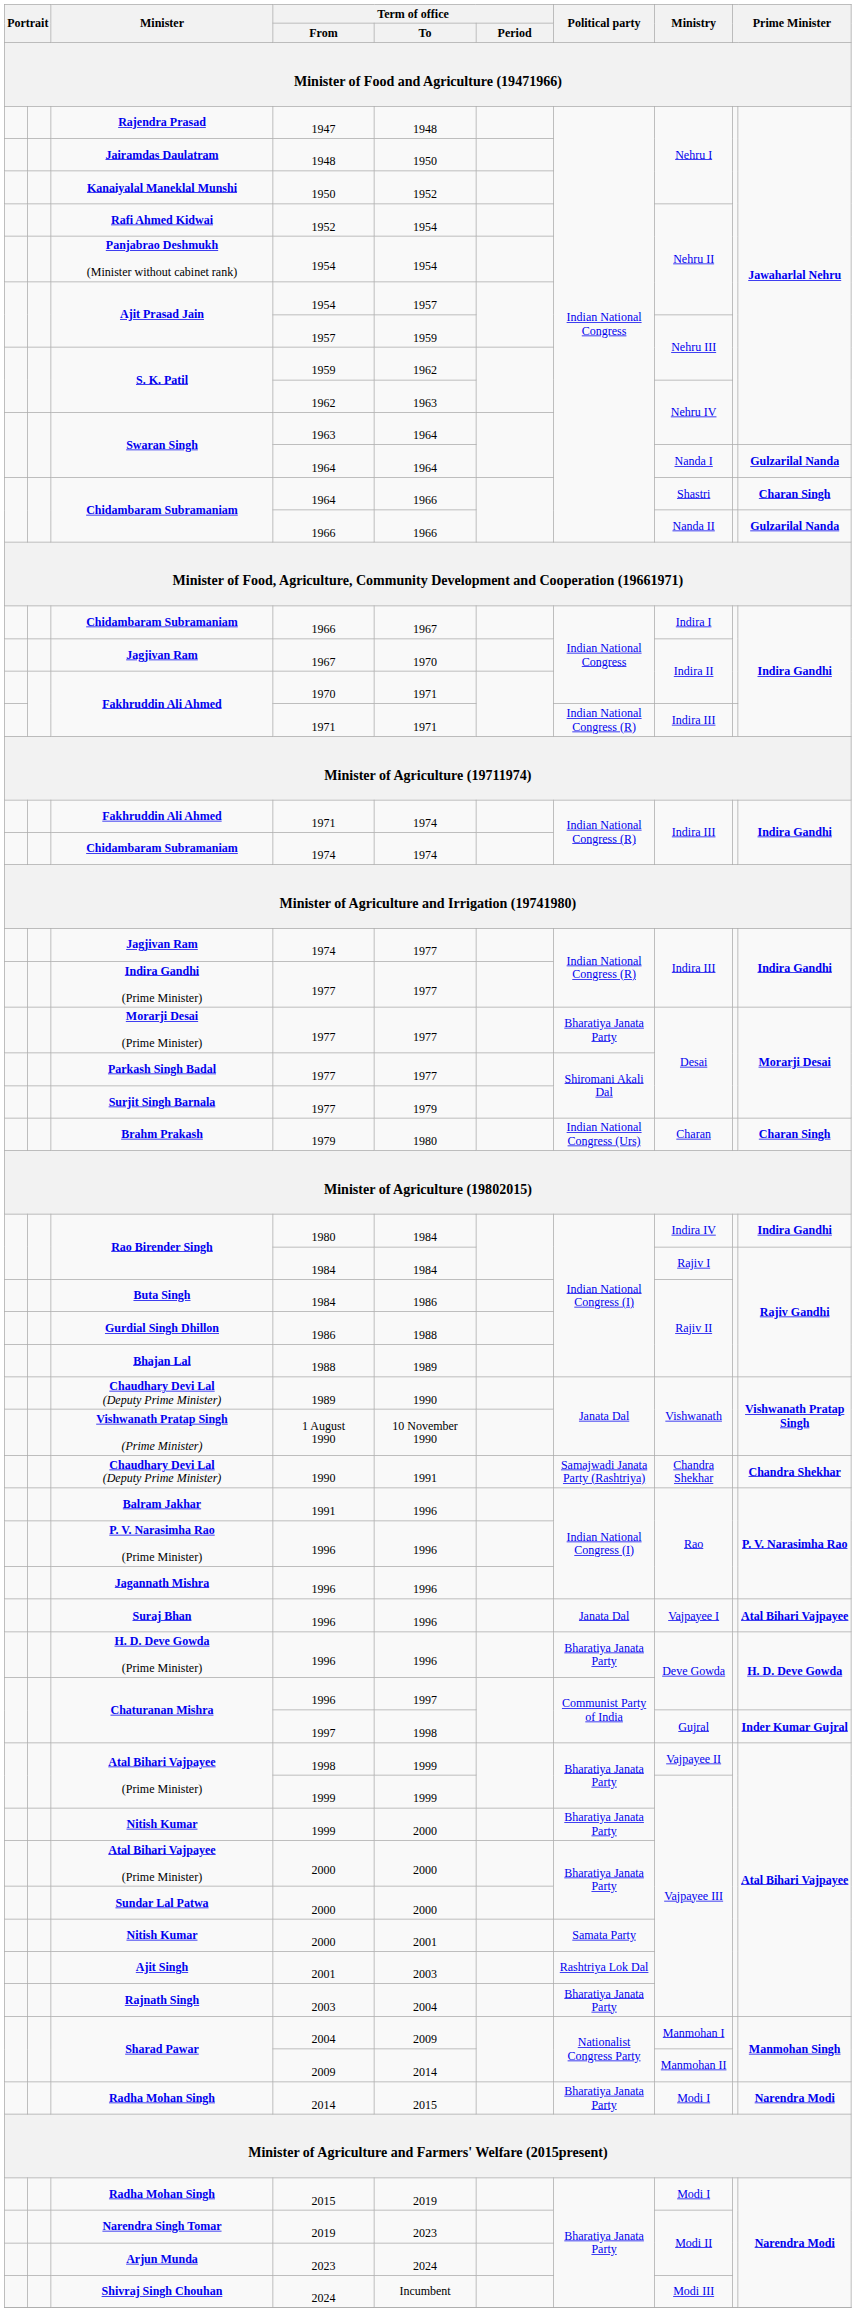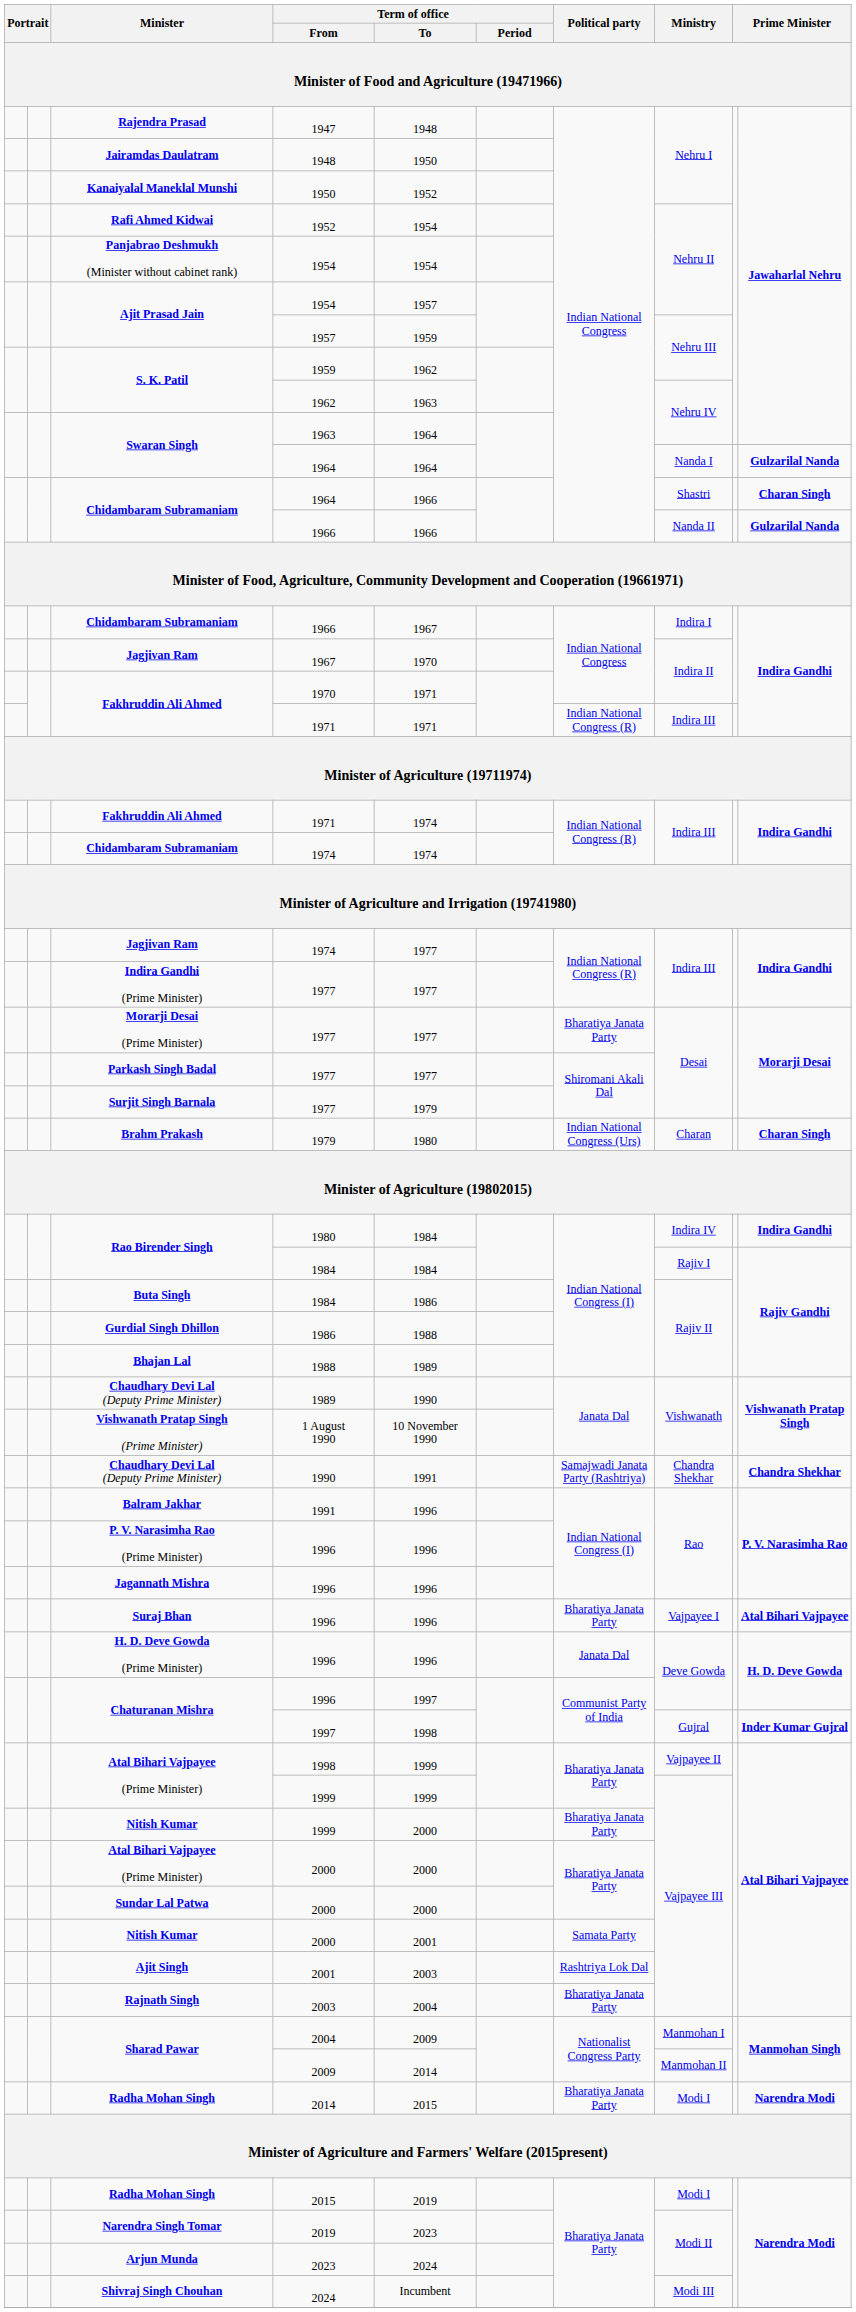 <table class="wikitable" style="text-align:center">
 <tr>
 <th rowspan="2" colspan="2">Portrait</th>
 <th rowspan="2" style="width:18em">Minister<br></th>
 <th colspan="3">Term of office</th>
 <th rowspan="2" style="width:8em">Political party</th>
 <th rowspan="2" style="width:6em">Ministry</th>
 <th rowspan="2" colspan="2">Prime Minister</th>
 </tr>
 <tr>
 <th style="width:8em">From</th>
 <th style="width:8em">To</th>
 <th style="width:6em">Period</th>
 </tr>
 <tr>
 <th colspan="10"><br><h3>Minister of Food and Agriculture (19471966)</h3></th>
 </tr>
 <tr>
 <td></td>
 <td></td>
 <td><strong><a href='#'>Rajendra Prasad</a></strong><br></td>
 <td><br>1947</td>
 <td><br>1948</td>
 <td><strong></strong></td>
 <td rowspan="13"><a href='#'>Indian National Congress</a></td>
 <td rowspan="3"><a href='#'>Nehru I</a></td>
 <td rowspan="10"></td>
 <td rowspan="10"><strong><a href='#'>Jawaharlal Nehru</a></strong></td>
 </tr>
 <tr>
 <td></td>
 <td></td>
 <td><strong><a href='#'>Jairamdas Daulatram</a></strong><br></td>
 <td><br>1948</td>
 <td><br>1950</td>
 <td><strong></strong></td>
 </tr>
 <tr>
 <td></td>
 <td></td>
 <td><strong><a href='#'>Kanaiyalal Maneklal Munshi</a></strong><br></td>
 <td><br>1950</td>
 <td><br>1952</td>
 <td><strong></strong></td>
 </tr>
 <tr>
 <td></td>
 <td></td>
 <td><strong><a href='#'>Rafi Ahmed Kidwai</a></strong><br></td>
 <td><br>1952</td>
 <td><br>1954<br></td>
 <td><strong></strong></td>
 <td rowspan="3"><a href='#'>Nehru II</a></td>
 </tr>
 <tr>
 <td></td>
 <td></td>
 <td><strong><a href='#'>Panjabrao Deshmukh</a></strong><br><br>(Minister without cabinet rank)</td>
 <td><br>1954</td>
 <td><br>1954</td>
 <td><strong></strong></td>
 </tr>
 <tr>
 <td rowspan="2"></td>
 <td rowspan="2"></td>
 <td rowspan="2"><strong><a href='#'>Ajit Prasad Jain</a></strong><br></td>
 <td><br>1954</td>
 <td><br>1957</td>
 <td rowspan="2"><strong></strong></td>
 </tr>
 <tr>
 <td><br>1957</td>
 <td><br>1959</td>
 <td rowspan="2"><a href='#'>Nehru III</a></td>
 </tr>
 <tr>
 <td rowspan="2"></td>
 <td rowspan="2"></td>
 <td rowspan="2"><strong><a href='#'>S. K. Patil</a></strong><br></td>
 <td><br>1959</td>
 <td><br>1962</td>
 <td rowspan="2"><strong></strong></td>
 </tr>
 <tr>
 <td><br>1962</td>
 <td><br>1963</td>
 <td rowspan="2"><a href='#'>Nehru IV</a></td>
 </tr>
 <tr>
 <td rowspan="2"></td>
 <td rowspan="2"></td>
 <td rowspan="2"><strong><a href='#'>Swaran Singh</a></strong><br></td>
 <td><br>1963</td>
 <td><br>1964</td>
 <td rowspan="2"><strong></strong></td>
 </tr>
 <tr>
 <td><br>1964</td>
 <td><br>1964</td>
 <td><a href='#'>Nanda I</a></td>
 <td></td>
 <td><strong><a href='#'>Gulzarilal Nanda</a></strong></td>
 </tr>
 <tr>
 <td rowspan="2"></td>
 <td rowspan="2"></td>
 <td rowspan="2"><strong><a href='#'>Chidambaram Subramaniam</a></strong><br></td>
 <td><br>1964</td>
 <td><br>1966</td>
 <td rowspan="2"><strong></strong></td>
 <td><a href='#'>Shastri</a></td>
 <td></td>
 <td><strong><a href='#'>Charan Singh</a></strong></td>
 </tr>
 <tr>
 <td><br>1966</td>
 <td><br>1966</td>
 <td><a href='#'>Nanda II</a></td>
 <td></td>
 <td><strong><a href='#'>Gulzarilal Nanda</a></strong></td>
 </tr>
 <tr>
 <th colspan="10"><br><h3>Minister of Food, Agriculture, Community Development and Cooperation (19661971)</h3></th>
 </tr>
 <tr>
 <td></td>
 <td></td>
 <td><strong><a href='#'>Chidambaram Subramaniam</a></strong><br></td>
 <td><br>1966</td>
 <td><br>1967</td>
 <td><strong></strong></td>
 <td rowspan="3"><a href='#'>Indian National Congress</a></td>
 <td><a href='#'>Indira I</a></td>
 <td rowspan="3"></td>
 <td rowspan="4"><strong><a href='#'>Indira Gandhi</a></strong></td>
 </tr>
 <tr>
 <td></td>
 <td></td>
 <td><strong><a href='#'>Jagjivan Ram</a></strong><br></td>
 <td><br>1967</td>
 <td><br>1970</td>
 <td><strong></strong></td>
 <td rowspan="2"><a href='#'>Indira II</a></td>
 </tr>
 <tr>
 <td></td>
 <td rowspan="2"></td>
 <td rowspan="2"><strong><a href='#'>Fakhruddin Ali Ahmed</a></strong><br></td>
 <td><br>1970</td>
 <td><br>1971</td>
 <td rowspan="2"><strong></strong></td>
 </tr>
 <tr>
 <td></td>
 <td><br>1971</td>
 <td><br>1971</td>
 <td><a href='#'>Indian National Congress (R)</a></td>
 <td><a href='#'>Indira III</a></td>
 <td></td>
 </tr>
 <tr>
 <th colspan="10"><br><h3>Minister of Agriculture (19711974)</h3></th>
 </tr>
 <tr>
 <td></td>
 <td></td>
 <td><strong><a href='#'>Fakhruddin Ali Ahmed</a></strong><br></td>
 <td><br>1971</td>
 <td><br>1974</td>
 <td><strong></strong></td>
 <td rowspan="2"><a href='#'>Indian National Congress (R)</a></td>
 <td rowspan="2"><a href='#'>Indira III</a></td>
 <td rowspan="2"></td>
 <td rowspan="2"><strong><a href='#'>Indira Gandhi</a></strong></td>
 </tr>
 <tr>
 <td></td>
 <td></td>
 <td><strong><a href='#'>Chidambaram Subramaniam</a></strong><br></td>
 <td><br>1974</td>
 <td><br>1974</td>
 <td><strong></strong></td>
 </tr>
 <tr>
 <th colspan="10"><br><h3>Minister of Agriculture and Irrigation (19741980)</h3></th>
 </tr>
 <tr>
 <td></td>
 <td></td>
 <td><strong><a href='#'>Jagjivan Ram</a></strong><br></td>
 <td><br>1974</td>
 <td><br>1977</td>
 <td><strong></strong></td>
 <td rowspan="2"><a href='#'>Indian National Congress (R)</a></td>
 <td rowspan="2"><a href='#'>Indira III</a></td>
 <td rowspan="2"></td>
 <td rowspan="2" style="width:9em"><strong><a href='#'>Indira Gandhi</a></strong></td>
 </tr>
 <tr>
 <td></td>
 <td></td>
 <td><strong><a href='#'>Indira Gandhi</a></strong><br><br>(Prime Minister)</td>
 <td><br>1977</td>
 <td><br>1977</td>
 <td><strong></strong></td>
 </tr>
 <tr>
 <td></td>
 <td></td>
 <td><strong><a href='#'>Morarji Desai</a></strong><br><br>(Prime Minister)</td>
 <td><br>1977</td>
 <td><br>1977</td>
 <td><strong></strong></td>
 <td><a href='#'>Bharatiya Janata Party</a></td>
 <td rowspan="3"><a href='#'>Desai</a></td>
 <td rowspan="3"></td>
 <td rowspan="3"><strong><a href='#'>Morarji Desai</a></strong></td>
 </tr>
 <tr>
 <td></td>
 <td></td>
 <td><strong><a href='#'>Parkash Singh Badal</a></strong><br></td>
 <td><br>1977</td>
 <td><br>1977</td>
 <td><strong></strong></td>
 <td rowspan="2"><a href='#'>Shiromani Akali Dal</a></td>
 </tr>
 <tr>
 <td></td>
 <td></td>
 <td><strong><a href='#'>Surjit Singh Barnala</a></strong><br></td>
 <td><br>1977</td>
 <td><br>1979</td>
 <td><strong></strong></td>
 </tr>
 <tr>
 <td></td>
 <td></td>
 <td><strong><a href='#'>Brahm Prakash</a></strong><br></td>
 <td><br>1979</td>
 <td><br>1980</td>
 <td><strong></strong></td>
 <td><a href='#'>Indian National Congress (Urs)</a></td>
 <td><a href='#'>Charan</a></td>
 <td></td>
 <td><strong><a href='#'>Charan Singh</a></strong></td>
 </tr>
 <tr>
 <th colspan="10"><br><h3>Minister of Agriculture (19802015)</h3></th>
 </tr>
 <tr>
 <td rowspan="2"></td>
 <td rowspan="2"></td>
 <td rowspan="2"><strong><a href='#'>Rao Birender Singh</a></strong><br></td>
 <td><br>1980</td>
 <td><br>1984</td>
 <td rowspan="2"><strong></strong></td>
 <td rowspan="5"><a href='#'>Indian National Congress (I)</a></td>
 <td><a href='#'>Indira IV</a></td>
 <td></td>
 <td><strong><a href='#'>Indira Gandhi</a></strong></td>
 </tr>
 <tr>
 <td><br>1984</td>
 <td><br>1984</td>
 <td><a href='#'>Rajiv I</a></td>
 <td rowspan="4"></td>
 <td rowspan="4"><strong><a href='#'>Rajiv Gandhi</a></strong></td>
 </tr>
 <tr>
 <td></td>
 <td></td>
 <td><strong><a href='#'>Buta Singh</a></strong><br></td>
 <td><br>1984</td>
 <td><br>1986</td>
 <td><strong></strong></td>
 <td rowspan="3"><a href='#'>Rajiv II</a></td>
 </tr>
 <tr>
 <td></td>
 <td></td>
 <td><strong><a href='#'>Gurdial Singh Dhillon</a></strong><br></td>
 <td><br>1986</td>
 <td><br>1988</td>
 <td><strong></strong></td>
 </tr>
 <tr>
 <td></td>
 <td></td>
 <td><strong><a href='#'>Bhajan Lal</a></strong><br></td>
 <td><br>1988</td>
 <td><br>1989</td>
 <td><strong></strong></td>
 </tr>
 <tr>
 <td style="background:"></td>
 <td></td>
 <td><strong><a href='#'>Chaudhary Devi Lal</a></strong><br><em>(Deputy Prime Minister)</em></td>
 <td><br>1989</td>
 <td><br>1990</td>
 <td><strong></strong></td>
 <td rowspan="2"><a href='#'>Janata Dal</a></td>
 <td rowspan="2"><a href='#'>Vishwanath</a></td>
 <td rowspan="2" style="background:"></td>
 <td rowspan="2"><strong><a href='#'>Vishwanath Pratap Singh</a></strong></td>
 </tr>
 <tr>
 <td style="background:"></td>
 <td></td>
 <td><strong><a href='#'>Vishwanath Pratap Singh</a></strong><br><br><em>(Prime Minister)</em></td>
 <td>1 August<br>1990</td>
 <td>10 November<br>1990</td>
 <td><strong></strong></td>
 </tr>
 <tr>
 <td></td>
 <td></td>
 <td><strong><a href='#'>Chaudhary Devi Lal</a></strong><br><em>(Deputy Prime Minister)</em></td>
 <td><br>1990</td>
 <td><br>1991</td>
 <td><strong></strong></td>
 <td><a href='#'>Samajwadi Janata Party (Rashtriya)</a></td>
 <td><a href='#'>Chandra Shekhar</a></td>
 <td></td>
 <td><strong><a href='#'>Chandra Shekhar</a></strong></td>
 </tr>
 <tr>
 <td></td>
 <td></td>
 <td><strong><a href='#'>Balram Jakhar</a></strong><br></td>
 <td><br>1991</td>
 <td><br>1996</td>
 <td><strong></strong></td>
 <td rowspan="3"><a href='#'>Indian National Congress (I)</a></td>
 <td rowspan="3"><a href='#'>Rao</a></td>
 <td rowspan="3"></td>
 <td rowspan="3"><strong><a href='#'>P. V. Narasimha Rao</a></strong></td>
 </tr>
 <tr>
 <td></td>
 <td></td>
 <td><strong><a href='#'>P. V. Narasimha Rao</a></strong><br><br>(Prime Minister)</td>
 <td><br>1996</td>
 <td><br>1996</td>
 <td><strong></strong></td>
 </tr>
 <tr>
 <td></td>
 <td></td>
 <td><strong><a href='#'>Jagannath Mishra</a></strong><br></td>
 <td><br>1996</td>
 <td><br>1996</td>
 <td><strong></strong></td>
 </tr>
 <tr>
 <td></td>
 <td></td>
 <td><strong><a href='#'>Suraj Bhan</a></strong><br></td>
 <td><br>1996</td>
 <td><br>1996</td>
 <td><strong></strong></td>
-<td><a href='#'>Janata Dal</a></td>
+<td><a href='#'>Bharatiya Janata Party</a></td>
 <td><a href='#'>Vajpayee I</a></td>
 <td></td>
 <td><strong><a href='#'>Atal Bihari Vajpayee</a></strong></td>
 </tr>
 <tr>
 <td style="background:"></td>
 <td></td>
 <td><strong><a href='#'>H. D. Deve Gowda</a></strong><br><br>(Prime Minister)</td>
 <td><br>1996</td>
 <td><br>1996</td>
 <td><strong></strong></td>
-<td><a href='#'>Bharatiya Janata Party</a></td>
+<td><a href='#'>Janata Dal</a></td>
 <td rowspan="2"><a href='#'>Deve Gowda</a></td>
 <td rowspan="2"></td>
 <td rowspan="2"><strong><a href='#'>H. D. Deve Gowda</a></strong></td>
 </tr>
 <tr>
 <td rowspan="2"></td>
 <td rowspan="2"></td>
 <td rowspan="2"><strong><a href='#'>Chaturanan Mishra</a></strong><br></td>
 <td><br>1996</td>
 <td><br>1997</td>
 <td rowspan="2"><strong></strong></td>
 <td rowspan="2"><a href='#'>Communist Party of India</a></td>
 </tr>
 <tr>
 <td><br>1997</td>
 <td><br>1998</td>
 <td><a href='#'>Gujral</a></td>
 <td></td>
 <td><strong><a href='#'>Inder Kumar Gujral</a></strong></td>
 </tr>
 <tr>
 <td rowspan="2"></td>
 <td rowspan="2"></td>
 <td rowspan="2"><strong><a href='#'>Atal Bihari Vajpayee</a></strong><br><br>(Prime Minister)</td>
 <td><br>1998</td>
 <td><br>1999</td>
 <td rowspan="2"><strong></strong></td>
 <td rowspan="2"><a href='#'>Bharatiya Janata Party</a></td>
 <td><a href='#'>Vajpayee II</a></td>
 <td rowspan="8"></td>
 <td rowspan="8"><strong><a href='#'>Atal Bihari Vajpayee</a></strong></td>
 </tr>
 <tr>
 <td><br>1999</td>
 <td><br>1999</td>
 <td rowspan="7"><a href='#'>Vajpayee III</a></td>
 </tr>
 <tr>
 <td></td>
 <td></td>
 <td><strong><a href='#'>Nitish Kumar</a></strong><br></td>
 <td><br>1999</td>
 <td><br>2000</td>
 <td><strong></strong></td>
 <td><a href='#'>Bharatiya Janata Party</a></td>
 </tr>
 <tr>
 <td></td>
 <td></td>
 <td><strong><a href='#'>Atal Bihari Vajpayee</a></strong><br><br>(Prime Minister)</td>
 <td><br>2000</td>
 <td><br>2000</td>
 <td><strong></strong></td>
 <td rowspan="2"><a href='#'>Bharatiya Janata Party</a></td>
 </tr>
 <tr>
 <td></td>
 <td></td>
 <td><strong><a href='#'>Sundar Lal Patwa</a></strong><br></td>
 <td><br>2000</td>
 <td><br>2000</td>
 <td><strong></strong></td>
 </tr>
 <tr>
 <td></td>
 <td></td>
 <td><strong><a href='#'>Nitish Kumar</a></strong><br></td>
 <td><br>2000</td>
 <td><br>2001</td>
 <td><strong></strong></td>
 <td><a href='#'>Samata Party</a></td>
 </tr>
 <tr>
 <td style="background:"></td>
 <td></td>
 <td><strong><a href='#'>Ajit Singh</a></strong><br></td>
 <td><br>2001</td>
 <td><br>2003</td>
 <td><strong></strong></td>
 <td><a href='#'>Rashtriya Lok Dal</a></td>
 </tr>
 <tr>
 <td></td>
 <td></td>
 <td><strong><a href='#'>Rajnath Singh</a></strong><br></td>
 <td><br>2003</td>
 <td><br>2004</td>
 <td><strong></strong></td>
 <td><a href='#'>Bharatiya Janata Party</a></td>
 </tr>
 <tr>
 <td rowspan="2"></td>
 <td rowspan="2"></td>
 <td rowspan="2"><strong><a href='#'>Sharad Pawar</a></strong><br></td>
 <td><br>2004</td>
 <td><br>2009</td>
 <td rowspan="2"><strong></strong></td>
 <td rowspan="2"><a href='#'>Nationalist Congress Party</a></td>
 <td><a href='#'>Manmohan I</a></td>
 <td rowspan="2"></td>
 <td rowspan="2"><strong><a href='#'>Manmohan Singh</a></strong></td>
 </tr>
 <tr>
 <td><br>2009</td>
 <td><br>2014</td>
 <td><a href='#'>Manmohan II</a></td>
 </tr>
 <tr>
 <td></td>
 <td></td>
 <td><strong><a href='#'>Radha Mohan Singh</a></strong><br></td>
 <td><br>2014</td>
 <td><br>2015</td>
 <td><strong></strong></td>
 <td><a href='#'>Bharatiya Janata Party</a></td>
 <td><a href='#'>Modi I</a></td>
 <td></td>
 <td><strong><a href='#'>Narendra Modi</a></strong></td>
 </tr>
 <tr>
 <th colspan="10"><br><h3>Minister of Agriculture and Farmers' Welfare (2015present)</h3></th>
 </tr>
 <tr>
 <td></td>
 <td></td>
 <td><strong><a href='#'>Radha Mohan Singh</a></strong><br></td>
 <td><br>2015</td>
 <td><br>2019</td>
 <td><strong></strong></td>
 <td rowspan="4"><a href='#'>Bharatiya Janata Party</a></td>
 <td><a href='#'>Modi I</a></td>
 <td rowspan="4"></td>
 <td rowspan="4"><strong><a href='#'>Narendra Modi</a></strong></td>
 </tr>
 <tr>
 <td></td>
 <td></td>
 <td><strong><a href='#'>Narendra Singh Tomar</a></strong><br></td>
 <td><br>2019</td>
 <td><br>2023</td>
 <td><strong></strong></td>
 <td rowspan="2"><a href='#'>Modi II</a></td>
 </tr>
 <tr>
 <td></td>
 <td></td>
 <td><strong><a href='#'>Arjun Munda</a></strong><br></td>
 <td><br>2023</td>
 <td><br>2024</td>
 <td><strong></strong></td>
 </tr>
 <tr>
 <td></td>
 <td></td>
 <td><strong><a href='#'>Shivraj Singh Chouhan</a></strong><br></td>
 <td><br>2024</td>
 <td>Incumbent</td>
 <td><strong></strong></td>
 <td><a href='#'>Modi III</a></td>
 </tr>
 <tr>
 </tr>
 </table>
